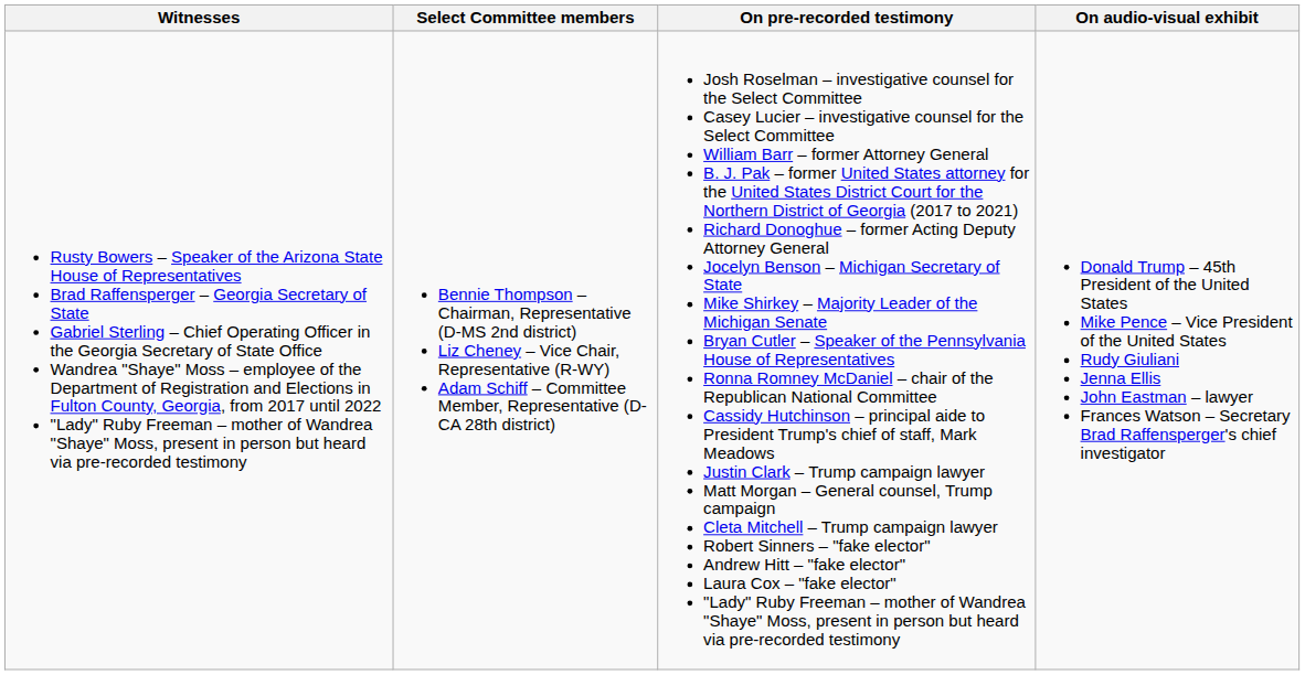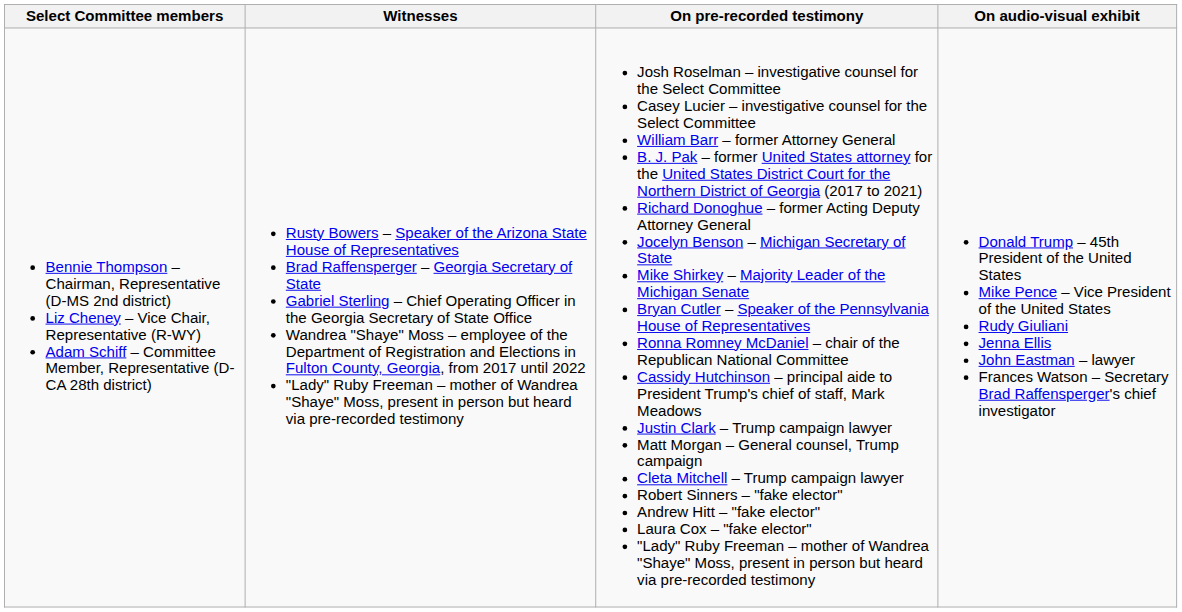 <table class="vertical-align-top wikitable mw-collapsible mw-collapsed">
 <tr>
+<th>Select Committee members</th>
 <th>Witnesses</th>
-<th>Select Committee members</th>
 <th>On pre-recorded testimony</th>
 <th>On audio-visual exhibit</th>
 </tr>
 <tr>
+<td><br><ul><li><a href='#'>Bennie Thompson</a> – Chairman, Representative (D-MS 2nd district)</li><li><a href='#'>Liz Cheney</a> – Vice Chair, Representative (R-WY)</li><li><a href='#'>Adam Schiff</a> – Committee Member, Representative (D-CA 28th district)</li></ul></td>
 <td><br><ul><li><a href='#'>Rusty Bowers</a> – <a href='#'>Speaker of the Arizona State House of Representatives</a></li><li><a href='#'>Brad Raffensperger</a> – <a href='#'>Georgia Secretary of State</a></li><li><a href='#'>Gabriel Sterling</a> – Chief Operating Officer in the Georgia Secretary of State Office</li><li>Wandrea "Shaye" Moss – employee of the Department of Registration and Elections in <a href='#'>Fulton County, Georgia</a>, from 2017 until 2022</li><li>"Lady" Ruby Freeman – mother of Wandrea "Shaye" Moss, present in person but heard via pre-recorded testimony</li></ul></td>
-<td><br><ul><li><a href='#'>Bennie Thompson</a> – Chairman, Representative (D-MS 2nd district)</li><li><a href='#'>Liz Cheney</a> – Vice Chair, Representative (R-WY)</li><li><a href='#'>Adam Schiff</a> – Committee Member, Representative (D-CA 28th district)</li></ul></td>
 <td><br><ul><li>Josh Roselman – investigative counsel for the Select Committee</li><li>Casey Lucier – investigative counsel for the Select Committee</li><li><a href='#'>William Barr</a> – former Attorney General</li><li><a href='#'>B. J. Pak</a> – former <a href='#'>United States attorney</a> for the <a href='#'>United States District Court for the Northern District of Georgia</a> (2017 to 2021)</li><li><a href='#'>Richard Donoghue</a> – former Acting Deputy Attorney General</li><li><a href='#'>Jocelyn Benson</a> – <a href='#'>Michigan Secretary of State</a></li><li><a href='#'>Mike Shirkey</a> – <a href='#'>Majority Leader of the Michigan Senate</a></li><li><a href='#'>Bryan Cutler</a> – <a href='#'>Speaker of the Pennsylvania House of Representatives</a></li><li><a href='#'>Ronna Romney McDaniel</a> – chair of the Republican National Committee</li><li><a href='#'>Cassidy Hutchinson</a> – principal aide to President Trump's chief of staff, Mark Meadows</li><li><a href='#'>Justin Clark</a> – Trump campaign lawyer</li><li>Matt Morgan – General counsel, Trump campaign</li><li><a href='#'>Cleta Mitchell</a> – Trump campaign lawyer</li><li>Robert Sinners – "fake elector"</li><li>Andrew Hitt – "fake elector"</li><li>Laura Cox – "fake elector"</li><li>"Lady" Ruby Freeman – mother of Wandrea "Shaye" Moss, present in person but heard via pre-recorded testimony</li></ul></td>
 <td><br><ul><li><a href='#'>Donald Trump</a> – 45th President of the United States</li><li><a href='#'>Mike Pence</a> – Vice President of the United States</li><li><a href='#'>Rudy Giuliani</a></li><li><a href='#'>Jenna Ellis</a></li><li><a href='#'>John Eastman</a> – lawyer</li><li>Frances Watson – Secretary <a href='#'>Brad Raffensperger</a>'s chief investigator</li></ul></td>
 </tr>
 </table>
